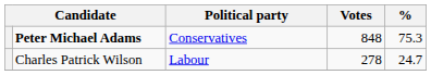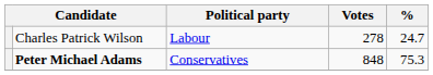 <table class="wikitable">
 <tr>
 <th valign=top colspan="2" style="width: 180px">Candidate</th>
 <th valign=top style="width: 180px">Political party</th>
 <th valign=top style="width: 60px">Votes</th>
 <th valign=top style="width: 40px">%</th>
 </tr>
 <tr>
 <th style="background-color: "></th>
+<td>Charles Patrick Wilson</td>
+<td><a href='#'>Labour</a></td>
+<td align="right">278</td>
+<td align="right">24.7</td>
+</tr>
+<tr>
+<th style="background-color: "></th>
 <td><strong>Peter Michael Adams</strong></td>
 <td><a href='#'>Conservatives</a></td>
 <td align="right">848</td>
 <td align="right">75.3</td>
 </tr>
 <tr>
-<th style="background-color: "></th>
-<td>Charles Patrick Wilson</td>
-<td><a href='#'>Labour</a></td>
-<td align="right">278</td>
-<td align="right">24.7</td>
-</tr>
-<tr>
 </tr>
 </table>
